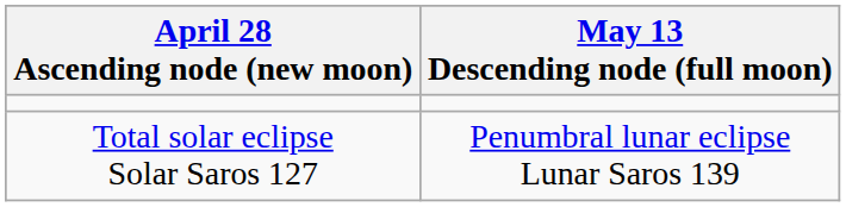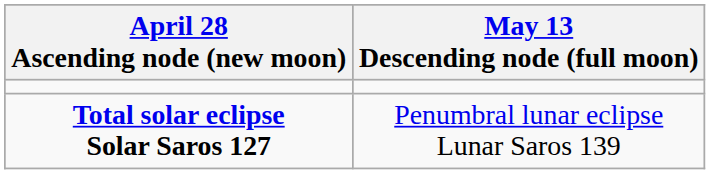 <table class="wikitable">
 <tr>
 <th><a href='#'>April 28</a><br>Ascending node (new moon)</th>
 <th><a href='#'>May 13</a><br>Descending node (full moon)</th>
 </tr>
 <tr>
 <td></td>
 <td></td>
 </tr>
 <tr align=center>
-<td><a href='#'>Total solar eclipse</a><br>Solar Saros 127</td>
+<td><strong><a href='#'>Total solar eclipse</a><br>Solar Saros 127</strong></td>
 <td><a href='#'>Penumbral lunar eclipse</a><br>Lunar Saros 139</td>
 </tr>
 </table>
